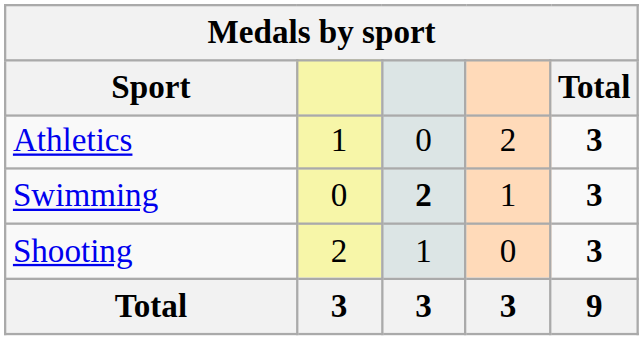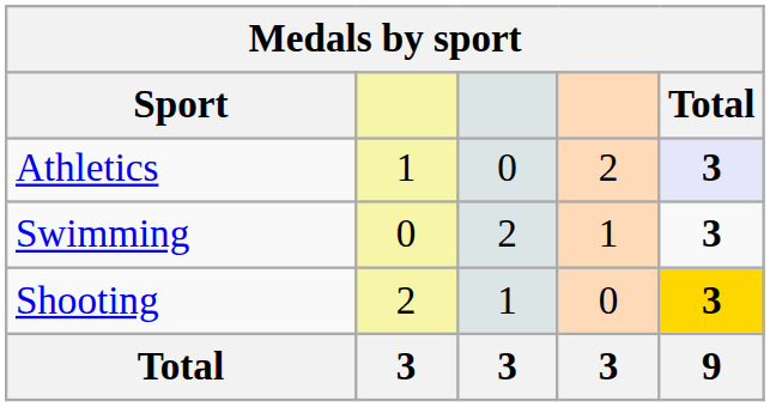 <table class="wikitable" style="font-size:90%; text-align:center;">
 <tr>
 <th colspan=5>Medals by sport</th>
 </tr>
 <tr>
 <th width=120>Sport</th>
 <th scope="col" width=30 style="background:#F7F6A8;"></th>
 <th scope="col" width=30 style="background:#DCE5E5;"></th>
 <th scope="col" width=30 style="background:#FFDAB9;"></th>
 <th width=30>Total</th>
 </tr>
 <tr>
 <td align=left><a href='#'>Athletics</a></td>
 <td style="background:#F7F6A8;">1</td>
 <td style="background:#DCE5E5;">0</td>
 <td style="background:#FFDAB9;">2</td>
-<td><strong>3</strong></td>
+<td style="background: lavender;"><strong>3</strong></td>
 </tr>
 <tr>
 <td align=left><a href='#'>Swimming</a></td>
 <td style="background:#F7F6A8;">0</td>
-<td style="background:#DCE5E5;"><strong>2</strong></td>
+<td style="background:#DCE5E5;">2</td>
 <td style="background:#FFDAB9;">1</td>
 <td><strong>3</strong></td>
 </tr>
 <tr>
 <td align=left><a href='#'>Shooting</a></td>
 <td style="background:#F7F6A8;">2</td>
 <td style="background:#DCE5E5;">1</td>
 <td style="background:#FFDAB9;">0</td>
-<td><strong>3</strong></td>
+<td style="background: gold;"><strong>3</strong></td>
 </tr>
 <tr class="sortbottom">
 <th>Total</th>
 <th>3</th>
 <th>3</th>
 <th>3</th>
 <th>9</th>
 </tr>
 </table>
